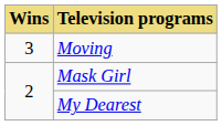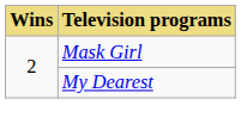 <table class="wikitable" align="center">
 <tr>
 <th style="background:#EEDD82; text-align:center">Wins</th>
 <th style="background:#EEDD82; text-align:center">Television programs</th>
-</tr>
-<tr>
-<td style="text-align:center">3</td>
-<td><em><a href='#'>Moving</a></em></td>
 </tr>
 <tr>
 <td rowspan="2" style="text-align:center">2</td>
 <td><em><a href='#'>Mask Girl</a></em></td>
 </tr>
 <tr>
 <td><em><a href='#'>My Dearest</a></em></td>
 </tr>
 </table>
